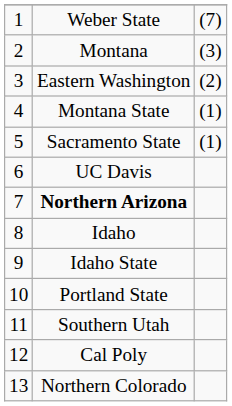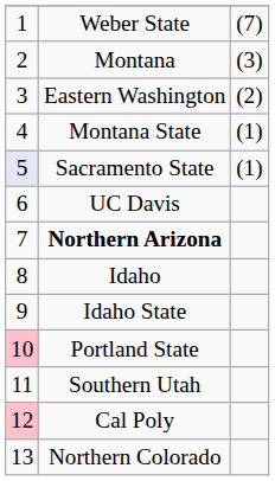 <table class="wikitable" style="display: inline-table;">
 <tr align="center">
 </tr>
 <tr align="center">
 <td>1</td>
 <td>Weber State</td>
 <td>(7)</td>
 </tr>
 <tr align="center">
 <td>2</td>
 <td>Montana</td>
 <td>(3)</td>
 </tr>
 <tr align="center">
 <td>3</td>
 <td>Eastern Washington</td>
 <td>(2)</td>
 </tr>
 <tr align="center">
 <td>4</td>
 <td>Montana State</td>
 <td>(1)</td>
 </tr>
 <tr align="center">
-<td>5</td>
+<td style="background: lavender;">5</td>
 <td>Sacramento State</td>
 <td>(1)</td>
 </tr>
 <tr align="center">
 <td>6</td>
 <td>UC Davis</td>
 <td></td>
 </tr>
 <tr align="center">
 <td>7</td>
 <td><strong>Northern Arizona</strong></td>
 <td></td>
 </tr>
 <tr align="center">
 <td>8</td>
 <td>Idaho</td>
 <td></td>
 </tr>
 <tr align="center">
 <td>9</td>
 <td>Idaho State</td>
 <td></td>
 </tr>
 <tr align="center">
-<td>10</td>
+<td style="background: pink;">10</td>
 <td>Portland State</td>
 <td></td>
 </tr>
 <tr align="center">
 <td>11</td>
 <td>Southern Utah</td>
 <td></td>
 </tr>
 <tr align="center">
-<td>12</td>
+<td style="background: pink;">12</td>
 <td>Cal Poly</td>
 <td></td>
 </tr>
 <tr align="center">
 <td>13</td>
 <td>Northern Colorado</td>
 <td></td>
 </tr>
 </table>
